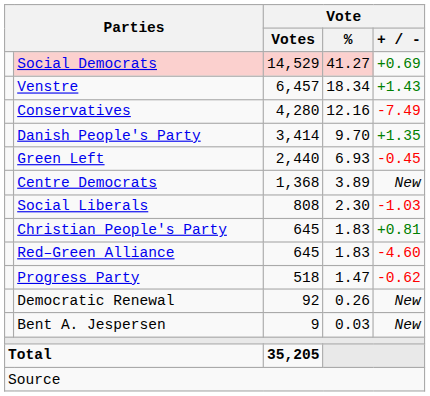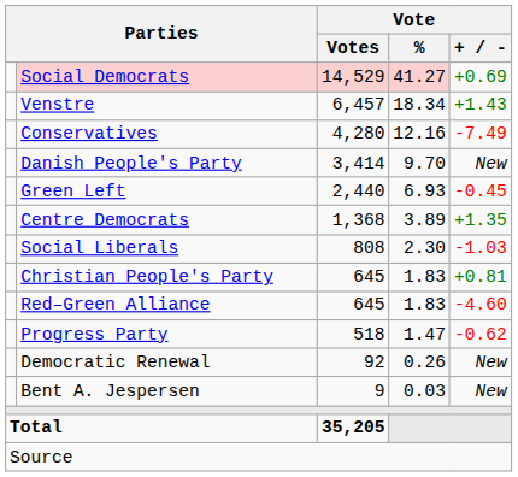 <table class="wikitable" style="text-align:right;">
 <tr>
 <th style="text-align:centre;" rowspan="2" colspan="2" width="225">Parties</th>
 <th colspan="3">Vote</th>
 </tr>
 <tr>
 <th width="15">Votes</th>
 <th width="15">%</th>
 <th width="15">+ / -</th>
 </tr>
 <tr>
 <td width="2" style="color:inherit;background:"></td>
 <td bgcolor=#fbd0ce  align="left"><a href='#'>Social Democrats</a></td>
 <td bgcolor=#fbd0ce>14,529</td>
 <td bgcolor=#fbd0ce>41.27</td>
 <td style=color:green;>+0.69</td>
 </tr>
 <tr>
 <td width="2" style="color:inherit;background:"></td>
 <td align="left"><a href='#'>Venstre</a></td>
 <td>6,457</td>
 <td>18.34</td>
 <td style=color:green;>+1.43</td>
 </tr>
 <tr>
 <td width="2" style="color:inherit;background:"></td>
 <td align="left"><a href='#'>Conservatives</a></td>
 <td>4,280</td>
 <td>12.16</td>
 <td style=color:red;>-7.49</td>
 </tr>
 <tr>
 <td width="2" style="color:inherit;background:"></td>
 <td align="left"><a href='#'>Danish People's Party</a></td>
 <td>3,414</td>
 <td>9.70</td>
-<td style=color:green;>+1.35</td>
+<td><em>New</em></td>
 </tr>
 <tr>
 <td width="2" style="color:inherit;background:"></td>
 <td align="left"><a href='#'>Green Left</a></td>
 <td>2,440</td>
 <td>6.93</td>
 <td style=color:red;>-0.45</td>
 </tr>
 <tr>
 <td width="2" style="color:inherit;background:"></td>
 <td align="left"><a href='#'>Centre Democrats</a></td>
 <td>1,368</td>
 <td>3.89</td>
-<td><em>New</em></td>
+<td style=color:green;>+1.35</td>
 </tr>
 <tr>
 <td width="2" style="color:inherit;background:"></td>
 <td align="left"><a href='#'>Social Liberals</a></td>
 <td>808</td>
 <td>2.30</td>
 <td style=color:red;>-1.03</td>
 </tr>
 <tr>
 <td width="2" style="color:inherit;background:"></td>
 <td align="left"><a href='#'>Christian People's Party</a></td>
 <td>645</td>
 <td>1.83</td>
 <td style=color:green;>+0.81</td>
 </tr>
 <tr>
 <td width="2" style="color:inherit;background:"></td>
 <td align="left"><a href='#'>Red–Green Alliance</a></td>
 <td>645</td>
 <td>1.83</td>
 <td style=color:red;>-4.60</td>
 </tr>
 <tr>
 <td width="2" style="color:inherit;background:"></td>
 <td align="left"><a href='#'>Progress Party</a></td>
 <td>518</td>
 <td>1.47</td>
 <td style=color:red;>-0.62</td>
 </tr>
 <tr>
 <td width="2" style="color:inherit;background:"></td>
 <td align="left">Democratic Renewal</td>
 <td>92</td>
 <td>0.26</td>
 <td><em>New</em></td>
 </tr>
 <tr>
 <td width="2" style="color:inherit;background:"></td>
 <td align="left">Bent A. Jespersen</td>
 <td>9</td>
 <td>0.03</td>
 <td><em>New</em></td>
 </tr>
 <tr>
 <td colspan="7" bgcolor="#E9E9E9"></td>
 </tr>
 <tr>
 <td align="left" colspan="2"><strong>Total</strong></td>
 <td><strong>35,205</strong></td>
 <td bgcolor="#E9E9E9" colspan="2"></td>
 </tr>
 <tr>
 <td align="left" colspan="6">Source</td>
 </tr>
 </table>
